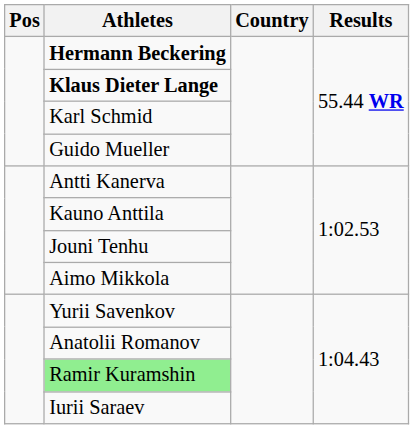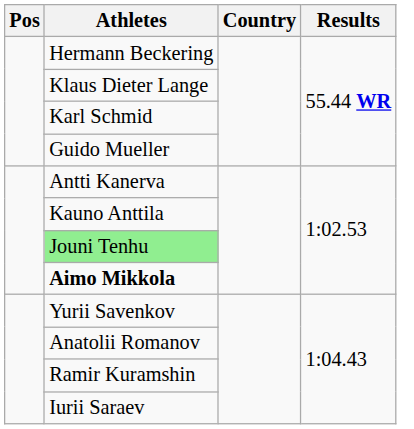 <table class="wikitable">
 <tr>
 <th>Pos</th>
 <th>Athletes</th>
 <th>Country</th>
 <th>Results</th>
 </tr>
 <tr>
 <td rowspan="4"></td>
-<td><strong>Hermann Beckering</strong></td>
+<td>Hermann Beckering</td>
 <td rowspan="4"></td>
 <td rowspan="4">55.44 <strong><a href='#'>WR</a></strong></td>
 </tr>
 <tr>
-<td><strong>Klaus Dieter Lange</strong></td>
+<td>Klaus Dieter Lange</td>
 </tr>
 <tr>
 <td>Karl Schmid</td>
 </tr>
 <tr>
 <td>Guido Mueller</td>
 </tr>
 <tr>
 <td rowspan="4"></td>
 <td>Antti Kanerva</td>
 <td rowspan="4"></td>
 <td rowspan="4">1:02.53</td>
 </tr>
 <tr>
 <td>Kauno Anttila</td>
 </tr>
 <tr>
-<td>Jouni Tenhu</td>
+<td style="background: lightgreen;">Jouni Tenhu</td>
 </tr>
 <tr>
-<td>Aimo Mikkola</td>
+<td><strong>Aimo Mikkola</strong></td>
 </tr>
 <tr>
 <td rowspan="4"></td>
 <td>Yurii Savenkov</td>
 <td rowspan="4"></td>
 <td rowspan="4">1:04.43</td>
 </tr>
 <tr>
 <td>Anatolii Romanov</td>
 </tr>
 <tr>
-<td style="background: lightgreen;">Ramir Kuramshin</td>
+<td>Ramir Kuramshin</td>
 </tr>
 <tr>
 <td>Iurii Saraev</td>
 </tr>
 </table>
